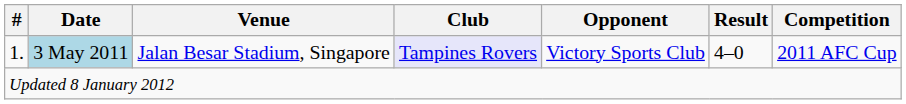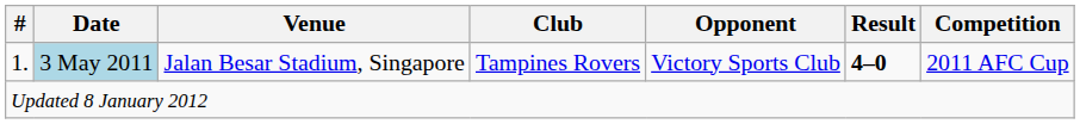 <table class="wikitable">
 <tr>
 <th>#</th>
 <th>Date</th>
 <th>Venue</th>
 <th>Club</th>
 <th>Opponent</th>
 <th>Result</th>
 <th>Competition</th>
 </tr>
 <tr>
 <td>1.</td>
 <td style="background: lightblue;">3 May 2011</td>
 <td><a href='#'>Jalan Besar Stadium</a>, Singapore</td>
-<td style="background: lavender;"> <a href='#'>Tampines Rovers</a></td>
+<td> <a href='#'>Tampines Rovers</a></td>
 <td> <a href='#'>Victory Sports Club</a></td>
-<td>4–0</td>
+<td><strong>4–0</strong></td>
 <td><a href='#'>2011 AFC Cup</a></td>
 </tr>
 <tr>
 <td colspan="12"><small><em>Updated 8 January 2012</em></small></td>
 </tr>
 </table>
